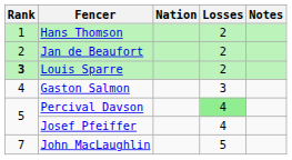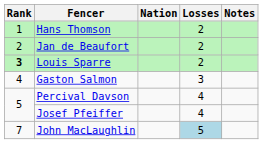 <table class="wikitable sortable" style="text-align:center">
 <tr>
 <th>Rank</th>
 <th>Fencer</th>
 <th>Nation</th>
 <th>Losses</th>
 <th>Notes</th>
 </tr>
 <tr bgcolor=bbf3bb>
 <td>1</td>
 <td align=left><a href='#'>Hans Thomson</a></td>
 <td align=left></td>
 <td>2</td>
 <td></td>
 </tr>
 <tr bgcolor=bbf3bb>
 <td>2</td>
 <td align=left><a href='#'>Jan de Beaufort</a></td>
 <td align=left></td>
 <td>2</td>
 <td></td>
 </tr>
 <tr bgcolor=bbf3bb>
 <td><strong>3</strong></td>
 <td align=left><a href='#'>Louis Sparre</a></td>
 <td align=left></td>
 <td>2</td>
 <td></td>
 </tr>
 <tr>
 <td>4</td>
 <td align=left><a href='#'>Gaston Salmon</a></td>
 <td align=left></td>
 <td>3</td>
 <td></td>
 </tr>
 <tr>
 <td rowspan=2>5</td>
 <td align=left><a href='#'>Percival Davson</a></td>
 <td align=left></td>
-<td style="background: lightgreen;">4</td>
+<td>4</td>
 <td></td>
 </tr>
 <tr>
 <td align=left><a href='#'>Josef Pfeiffer</a></td>
 <td align=left></td>
 <td>4</td>
 <td></td>
 </tr>
 <tr>
 <td>7</td>
 <td align=left><a href='#'>John MacLaughlin</a></td>
 <td align=left></td>
-<td>5</td>
+<td style="background: lightblue;">5</td>
 <td></td>
 </tr>
 </table>
